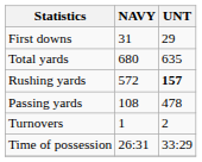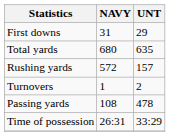 <table class="wikitable" style="float: left;">
 <tr>
 <th>Statistics</th>
 <th>NAVY</th>
 <th>UNT</th>
 </tr>
 <tr>
 <td>First downs</td>
 <td>31</td>
 <td>29</td>
 </tr>
 <tr>
 <td>Total yards</td>
 <td>680</td>
 <td>635</td>
 </tr>
 <tr>
 <td>Rushing yards</td>
 <td>572</td>
-<td><strong>157</strong></td>
+<td>157</td>
+</tr>
+<tr>
+<td>Turnovers</td>
+<td>1</td>
+<td>2</td>
 </tr>
 <tr>
 <td>Passing yards</td>
 <td>108</td>
 <td>478</td>
-</tr>
-<tr>
-<td>Turnovers</td>
-<td>1</td>
-<td>2</td>
 </tr>
 <tr>
 <td>Time of possession</td>
 <td>26:31</td>
 <td>33:29</td>
 </tr>
 <tr>
 </tr>
 </table>
